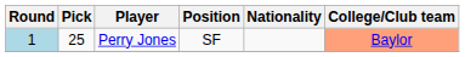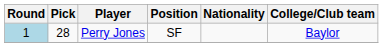 <table class="wikitable sortable sortable">
 <tr>
 <th>Round</th>
 <th>Pick</th>
 <th>Player</th>
 <th>Position</th>
 <th>Nationality</th>
 <th>College/Club team</th>
 </tr>
 <tr style="text-align: center">
 <td style="background: lightblue;">1</td>
-<td>25</td>
+<td>28</td>
 <td><a href='#'>Perry Jones</a></td>
 <td>SF</td>
 <td></td>
-<td style="background: lightsalmon;"><a href='#'>Baylor</a></td>
+<td><a href='#'>Baylor</a></td>
 </tr>
 <tr>
 </tr>
 </table>
